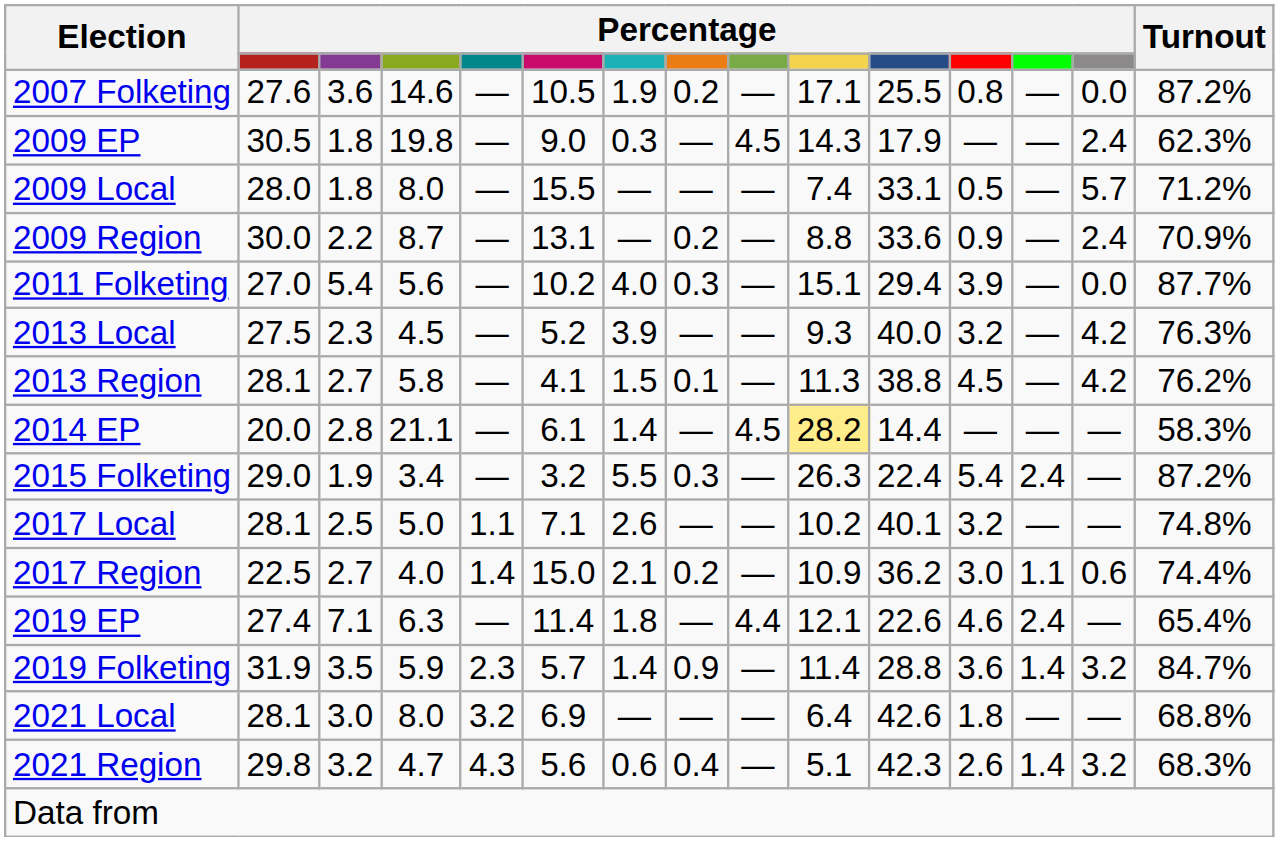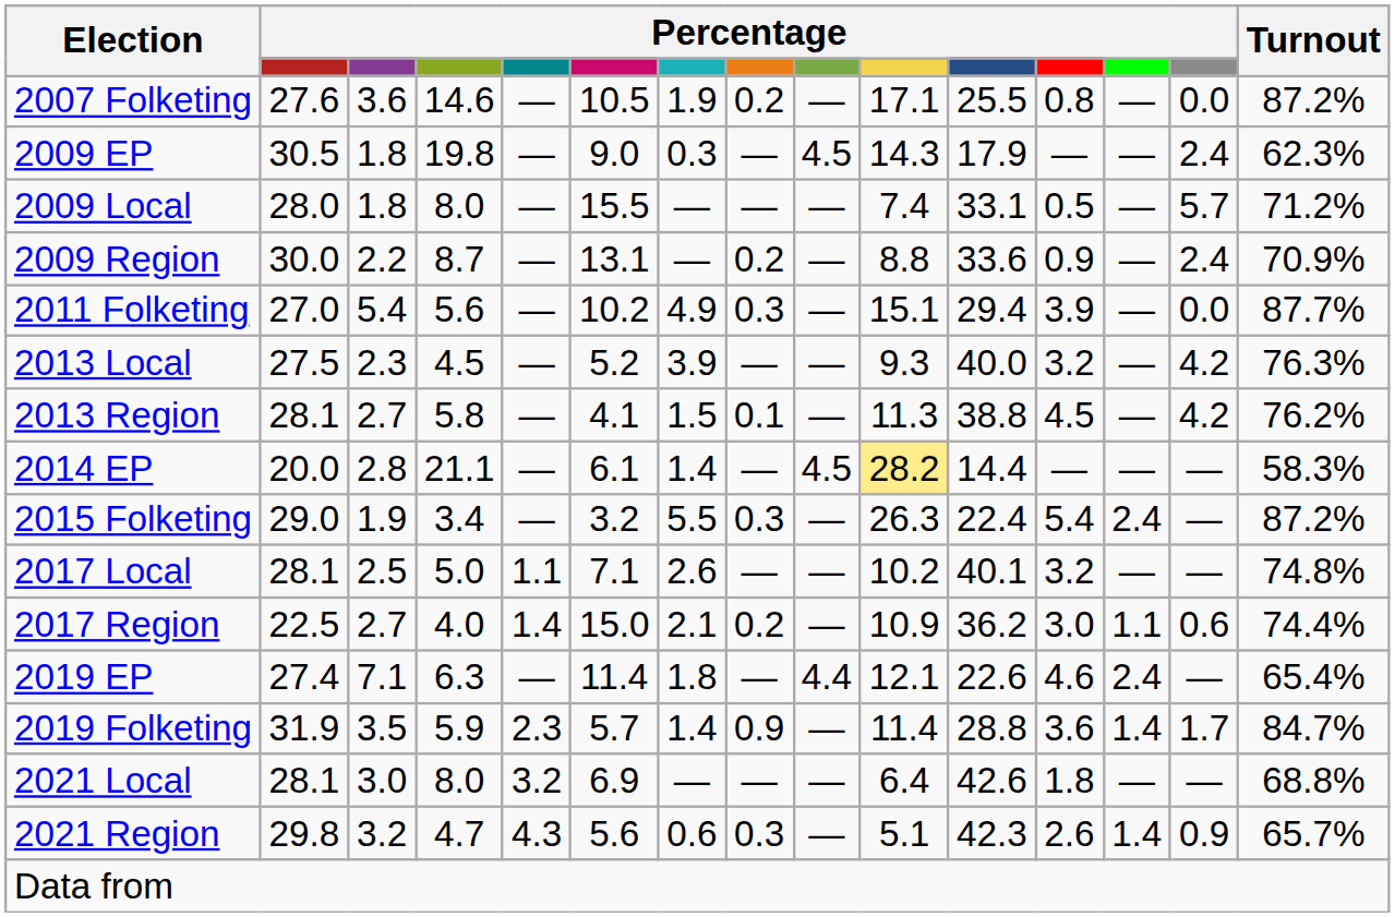 <table class="wikitable" style="text-align:center; font-size:90%; line-height:14px">
 <tr>
 <th rowspan=2>Election</th>
 <th colspan=13>Percentage</th>
 <th rowspan=2>Turnout</th>
 </tr>
 <tr>
 <td style="background:#B5211D; width:20px;"><strong><a href='#'></a></strong></td>
 <td style="background:#843A93; width:20px;"><strong><a href='#'></a></strong></td>
 <td style="background:#89A920; width:20px;"><strong><a href='#'></a></strong></td>
 <td style="background:#00868B; width:20px;"><strong><a href='#'></a></strong></td>
 <td style="background:#C9096C; width:20px;"><strong><a href='#'></a></strong></td>
 <td style="background:#1CB1B7; width:20px;"><strong><a href='#'></a></strong></td>
 <td style="background:#EC7D14; width:20px;"><strong><a href='#'></a></strong></td>
 <td style="background:#78AB46; width:20px;"><strong><a href='#'></a></strong></td>
 <td style="background:#F4D44D; width:20px;"><strong><a href='#'></a></strong></td>
 <td style="background:#254C85; width:20px;"><strong><a href='#'></a></strong></td>
 <td style="background:#FF0000; width:20px;"><strong><a href='#'></a></strong></td>
 <td style="background:#00FF00; width:20px;"><strong><a href='#'></a></strong></td>
 <td style="background:#8B8989; width:20px;"><strong></strong></td>
 </tr>
 <tr>
 <td style="text-align:left"><a href='#'>2007 Folketing</a></td>
 <td>27.6</td>
 <td>3.6</td>
 <td>14.6</td>
 <td>—</td>
 <td>10.5</td>
 <td>1.9</td>
 <td>0.2</td>
 <td>—</td>
 <td>17.1</td>
 <td>25.5</td>
 <td>0.8</td>
 <td>—</td>
 <td>0.0</td>
 <td>87.2%</td>
 </tr>
 <tr>
 <td style="text-align:left"><a href='#'>2009 EP</a></td>
 <td>30.5</td>
 <td>1.8</td>
 <td>19.8</td>
 <td>—</td>
 <td>9.0</td>
 <td>0.3</td>
 <td>—</td>
 <td>4.5</td>
 <td>14.3</td>
 <td>17.9</td>
 <td>—</td>
 <td>—</td>
 <td>2.4</td>
 <td>62.3%</td>
 </tr>
 <tr>
 <td style="text-align:left"><a href='#'>2009 Local</a></td>
 <td>28.0</td>
 <td>1.8</td>
 <td>8.0</td>
 <td>—</td>
 <td>15.5</td>
 <td>—</td>
 <td>—</td>
 <td>—</td>
 <td>7.4</td>
 <td>33.1</td>
 <td>0.5</td>
 <td>—</td>
 <td>5.7</td>
 <td>71.2%</td>
 </tr>
 <tr>
 <td style="text-align:left"><a href='#'>2009 Region</a></td>
 <td>30.0</td>
 <td>2.2</td>
 <td>8.7</td>
 <td>—</td>
 <td>13.1</td>
 <td>—</td>
 <td>0.2</td>
 <td>—</td>
 <td>8.8</td>
 <td>33.6</td>
 <td>0.9</td>
 <td>—</td>
 <td>2.4</td>
 <td>70.9%</td>
 </tr>
 <tr>
 <td style="text-align:left"><a href='#'>2011 Folketing</a></td>
 <td>27.0</td>
 <td>5.4</td>
 <td>5.6</td>
 <td>—</td>
 <td>10.2</td>
-<td>4.0</td>
+<td>4.9</td>
 <td>0.3</td>
 <td>—</td>
 <td>15.1</td>
 <td>29.4</td>
 <td>3.9</td>
 <td>—</td>
 <td>0.0</td>
 <td>87.7%</td>
 </tr>
 <tr>
 <td style="text-align:left"><a href='#'>2013 Local</a></td>
 <td>27.5</td>
 <td>2.3</td>
 <td>4.5</td>
 <td>—</td>
 <td>5.2</td>
 <td>3.9</td>
 <td>—</td>
 <td>—</td>
 <td>9.3</td>
 <td>40.0</td>
 <td>3.2</td>
 <td>—</td>
 <td>4.2</td>
 <td>76.3%</td>
 </tr>
 <tr>
 <td style="text-align:left"><a href='#'>2013 Region</a></td>
 <td>28.1</td>
 <td>2.7</td>
 <td>5.8</td>
 <td>—</td>
 <td>4.1</td>
 <td>1.5</td>
 <td>0.1</td>
 <td>—</td>
 <td>11.3</td>
 <td>38.8</td>
 <td>4.5</td>
 <td>—</td>
 <td>4.2</td>
 <td>76.2%</td>
 </tr>
 <tr>
 <td style="text-align:left"><a href='#'>2014 EP</a></td>
 <td>20.0</td>
 <td>2.8</td>
 <td>21.1</td>
 <td>—</td>
 <td>6.1</td>
 <td>1.4</td>
 <td>—</td>
 <td>4.5</td>
 <td style="background:#FFEC8B;">28.2</td>
 <td>14.4</td>
 <td>—</td>
 <td>—</td>
 <td>—</td>
 <td>58.3%</td>
 </tr>
 <tr>
 <td style="text-align:left"><a href='#'>2015 Folketing</a></td>
 <td>29.0</td>
 <td>1.9</td>
 <td>3.4</td>
 <td>—</td>
 <td>3.2</td>
 <td>5.5</td>
 <td>0.3</td>
 <td>—</td>
 <td>26.3</td>
 <td>22.4</td>
 <td>5.4</td>
 <td>2.4</td>
 <td>—</td>
 <td>87.2%</td>
 </tr>
 <tr>
 <td style="text-align:left"><a href='#'>2017 Local</a></td>
 <td>28.1</td>
 <td>2.5</td>
 <td>5.0</td>
 <td>1.1</td>
 <td>7.1</td>
 <td>2.6</td>
 <td>—</td>
 <td>—</td>
 <td>10.2</td>
 <td>40.1</td>
 <td>3.2</td>
 <td>—</td>
 <td>—</td>
 <td>74.8%</td>
 </tr>
 <tr>
 <td style="text-align:left"><a href='#'>2017 Region</a></td>
 <td>22.5</td>
 <td>2.7</td>
 <td>4.0</td>
 <td>1.4</td>
 <td>15.0</td>
 <td>2.1</td>
 <td>0.2</td>
 <td>—</td>
 <td>10.9</td>
 <td>36.2</td>
 <td>3.0</td>
 <td>1.1</td>
 <td>0.6</td>
 <td>74.4%</td>
 </tr>
 <tr>
 <td style="text-align:left"><a href='#'>2019 EP</a></td>
 <td>27.4</td>
 <td>7.1</td>
 <td>6.3</td>
 <td>—</td>
 <td>11.4</td>
 <td>1.8</td>
 <td>—</td>
 <td>4.4</td>
 <td>12.1</td>
 <td>22.6</td>
 <td>4.6</td>
 <td>2.4</td>
 <td>—</td>
 <td>65.4%</td>
 </tr>
 <tr>
 <td style="text-align:left"><a href='#'>2019 Folketing</a></td>
 <td>31.9</td>
 <td>3.5</td>
 <td>5.9</td>
 <td>2.3</td>
 <td>5.7</td>
 <td>1.4</td>
 <td>0.9</td>
 <td>—</td>
 <td>11.4</td>
 <td>28.8</td>
 <td>3.6</td>
 <td>1.4</td>
-<td>3.2</td>
+<td>1.7</td>
 <td>84.7%</td>
 </tr>
 <tr>
 <td style="text-align:left"><a href='#'>2021 Local</a></td>
 <td>28.1</td>
 <td>3.0</td>
 <td>8.0</td>
 <td>3.2</td>
 <td>6.9</td>
 <td>—</td>
 <td>—</td>
 <td>—</td>
 <td>6.4</td>
 <td>42.6</td>
 <td>1.8</td>
 <td>—</td>
 <td>—</td>
 <td>68.8%</td>
 </tr>
 <tr>
 <td style="text-align:left"><a href='#'>2021 Region</a></td>
 <td>29.8</td>
 <td>3.2</td>
 <td>4.7</td>
 <td>4.3</td>
 <td>5.6</td>
 <td>0.6</td>
-<td>0.4</td>
+<td>0.3</td>
 <td>—</td>
 <td>5.1</td>
 <td>42.3</td>
 <td>2.6</td>
 <td>1.4</td>
-<td>3.2</td>
-<td>68.3%</td>
+<td>0.9</td>
+<td>65.7%</td>
 </tr>
 <tr>
 <td colspan=20 style="text-align:left">Data from </td>
 </tr>
 </table>
